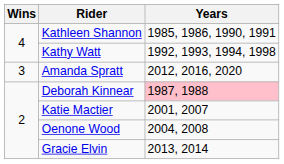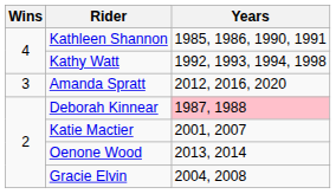 <table class="wikitable">
 <tr>
 <th>Wins</th>
 <th>Rider</th>
 <th>Years</th>
 </tr>
 <tr>
 <td align=center rowspan=2>4</td>
 <td><a href='#'>Kathleen Shannon</a></td>
 <td>1985, 1986, 1990, 1991</td>
 </tr>
 <tr>
 <td><a href='#'>Kathy Watt</a></td>
 <td>1992, 1993, 1994, 1998</td>
 </tr>
 <tr>
 <td align=center rowspan=1>3</td>
 <td><a href='#'>Amanda Spratt</a></td>
 <td>2012, 2016, 2020</td>
 </tr>
 <tr>
 <td align=center rowspan=5>2</td>
 <td><a href='#'>Deborah Kinnear</a></td>
 <td style="background: pink;">1987, 1988</td>
 </tr>
 <tr>
 <td><a href='#'>Katie Mactier</a></td>
 <td>2001, 2007</td>
 </tr>
 <tr>
 <td><a href='#'>Oenone Wood</a></td>
-<td>2004, 2008</td>
+<td>2013, 2014</td>
 </tr>
 <tr>
 <td><a href='#'>Gracie Elvin</a></td>
-<td>2013, 2014</td>
+<td>2004, 2008</td>
 </tr>
 </table>
